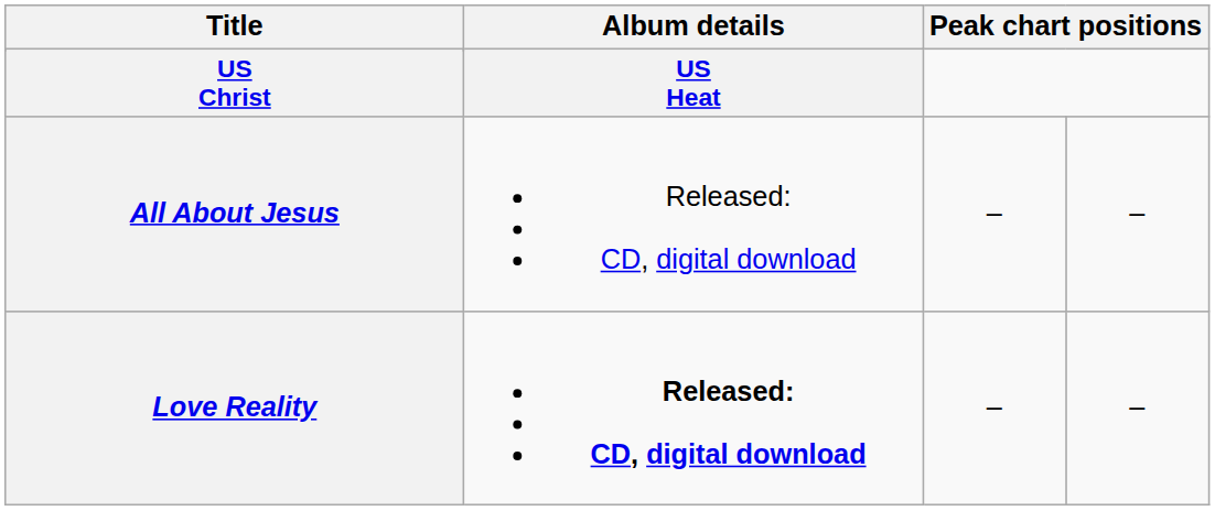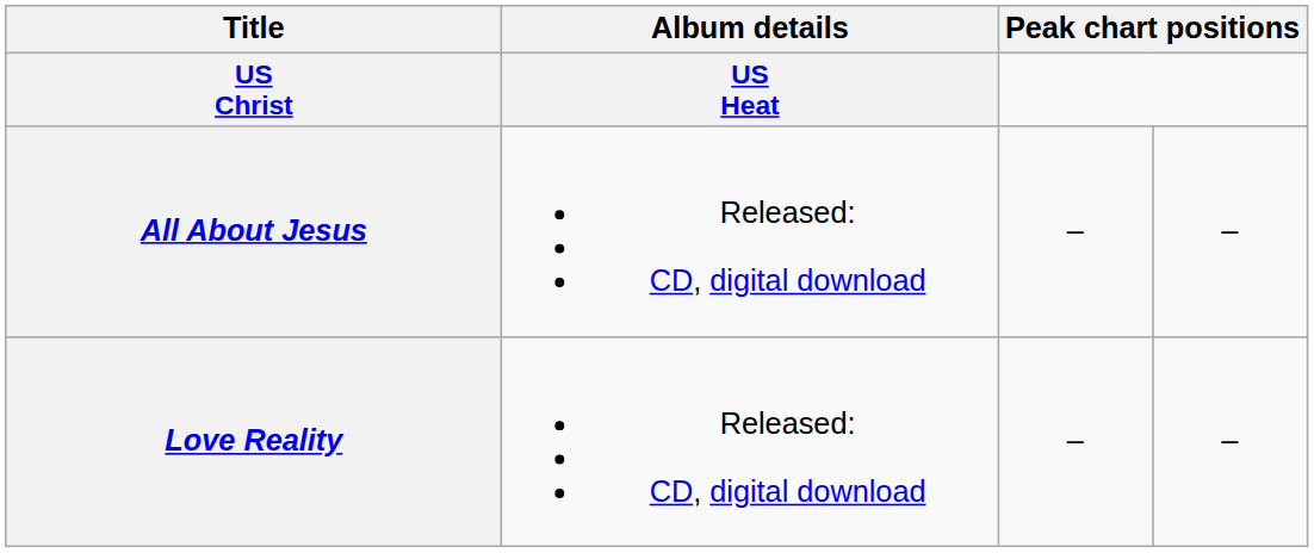 <table class="wikitable plainrowheaders" style="text-align:center;">
 <tr>
 <th scope="col" rowspan="2" style="width:16em;">Title</th>
 <th scope="col" rowspan="2" style="width:16em;">Album details</th>
 <th scope="col" colspan="2">Peak chart positions</th>
 </tr>
 <tr>
 </tr>
 <tr>
 <th style="width:3em; font-size:90%"><a href='#'>US<br>Christ</a></th>
 <th style="width:3em; font-size:90%"><a href='#'>US<br>Heat</a></th>
 </tr>
 <tr>
 <th scope="row"><em><a href='#'>All About Jesus</a></em></th>
 <td><br><ul><li>Released: </li><li></li><li><a href='#'>CD</a>, <a href='#'>digital download</a></li></ul></td>
 <td>–</td>
 <td>–</td>
 </tr>
 <tr>
 <th scope="row"><em><a href='#'>Love Reality</a></em></th>
-<td><strong><br><ul><li>Released: </li><li></li><li><a href='#'>CD</a>, <a href='#'>digital download</a></li></ul></strong></td>
+<td><br><ul><li>Released: </li><li></li><li><a href='#'>CD</a>, <a href='#'>digital download</a></li></ul></td>
 <td>–</td>
 <td>–</td>
 </tr>
 </table>
